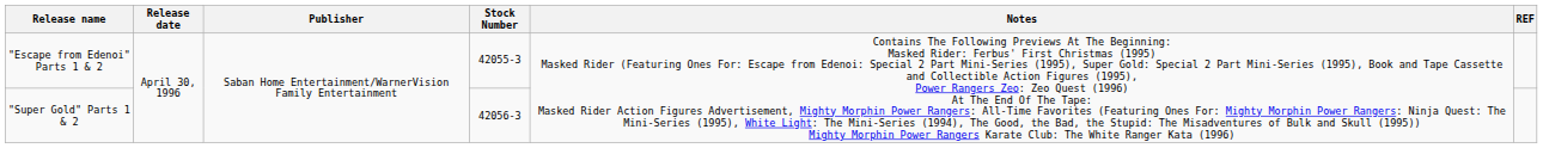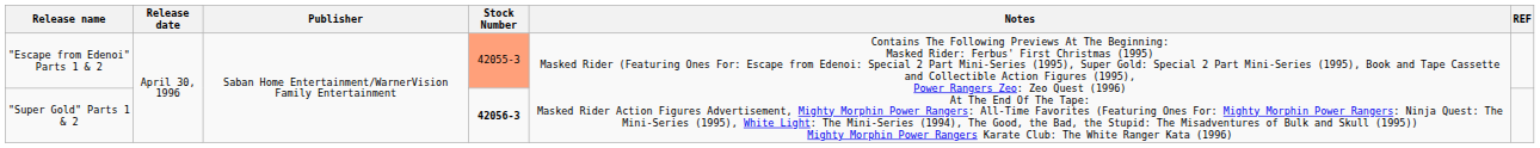 <table class="wikitable">
 <tr>
 <th>Release name<br></th>
 <th>Release date<br></th>
 <th>Publisher <br></th>
 <th>Stock Number <br></th>
 <th>Notes <br></th>
 <th>REF</th>
 </tr>
 <tr style="text-align:center;">
 <td>"Escape from Edenoi" Parts 1 & 2</td>
 <td rowspan="2">April 30, 1996</td>
 <td rowspan="2">Saban Home Entertainment/WarnerVision Family Entertainment</td>
-<td>42055-3</td>
+<td style="background: lightsalmon;">42055-3</td>
 <td rowspan="2">Contains The Following Previews At The Beginning:<br>Masked Rider: Ferbus' First Christmas (1995)<br>Masked Rider (Featuring Ones For: Escape from Edenoi: Special 2 Part Mini-Series (1995), Super Gold: Special 2 Part Mini-Series (1995), Book and Tape Cassette and Collectible Action Figures (1995), <br><a href='#'>Power Rangers Zeo</a>: Zeo Quest (1996)<br>At The End Of The Tape:<br>Masked Rider Action Figures Advertisement, <a href='#'>Mighty Morphin Power Rangers</a>: All-Time Favorites (Featuring Ones For: <a href='#'>Mighty Morphin Power Rangers</a>: Ninja Quest: The Mini-Series (1995), <a href='#'>White Light</a>: The Mini-Series (1994), The Good, the Bad, the Stupid: The Misadventures of Bulk and Skull (1995))<br><a href='#'>Mighty Morphin Power Rangers</a> Karate Club: The White Ranger Kata (1996)</td>
 <td></td>
 </tr>
 <tr style="text-align:center;">
 <td>"Super Gold" Parts 1 & 2</td>
-<td>42056-3</td>
+<td><strong>42056-3</strong></td>
 <td></td>
 </tr>
 </table>
